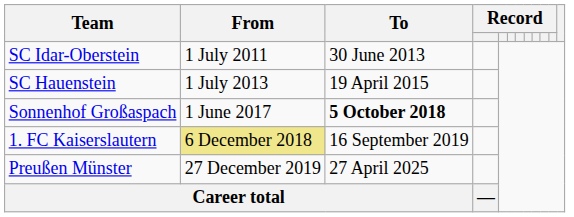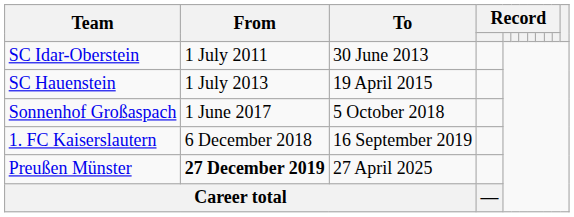 <table class="wikitable" style="text-align: center">
 <tr>
 <th rowspan="2">Team</th>
 <th rowspan="2">From</th>
 <th rowspan="2">To</th>
 <th colspan="8">Record</th>
 <th rowspan=2></th>
 </tr>
 <tr>
 <th></th>
 <th></th>
 <th></th>
 <th></th>
 <th></th>
 <th></th>
 <th></th>
 <th></th>
 </tr>
 <tr>
 <td align="left"><a href='#'>SC Idar-Oberstein</a></td>
 <td align=left>1 July 2011</td>
 <td align=left>30 June 2013<br></td>
 <td></td>
 </tr>
 <tr>
 <td align="left"><a href='#'>SC Hauenstein</a></td>
 <td align=left>1 July 2013</td>
 <td align=left>19 April 2015<br></td>
 <td></td>
 </tr>
 <tr>
 <td align="left"><a href='#'>Sonnenhof Großaspach</a></td>
 <td align=left>1 June 2017</td>
-<td align=left><strong>5 October 2018<br></strong></td>
+<td align=left>5 October 2018<br></td>
 <td></td>
 </tr>
 <tr>
 <td align="left"><a href='#'>1. FC Kaiserslautern</a></td>
-<td align=left style="background: khaki;">6 December 2018</td>
+<td align=left>6 December 2018</td>
 <td align=left>16 September 2019<br></td>
 <td></td>
 </tr>
 <tr>
 <td align="left"><a href='#'>Preußen Münster</a></td>
-<td align=left>27 December 2019</td>
+<td align=left><strong>27 December 2019</strong></td>
 <td align=left>27 April 2025<br></td>
 <td></td>
 </tr>
 <tr>
 <th colspan=3>Career total<br></th>
 <th>—</th>
 </tr>
 </table>
